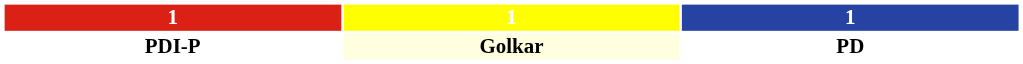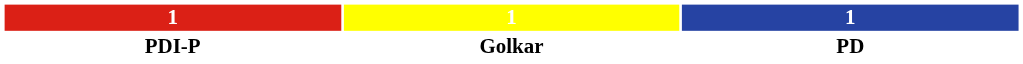 <table style="width:88%; text-align:center;">
 <tr style="color:white;">
 <td style="background:#DB2016; width:33.3%;"><strong>1</strong></td>
 <td style="background:#FFFF00; width:33.3%;"><strong>1</strong></td>
 <td style="background:#2643A3; width:33.3%;"><strong>1</strong></td>
 </tr>
 <tr>
 <td><span><strong>PDI-P</strong></span></td>
-<td style="background: lightyellow;"><span><strong>Golkar</strong></span></td>
+<td><span><strong>Golkar</strong></span></td>
 <td><span><strong>PD</strong></span></td>
 </tr>
 </table>
